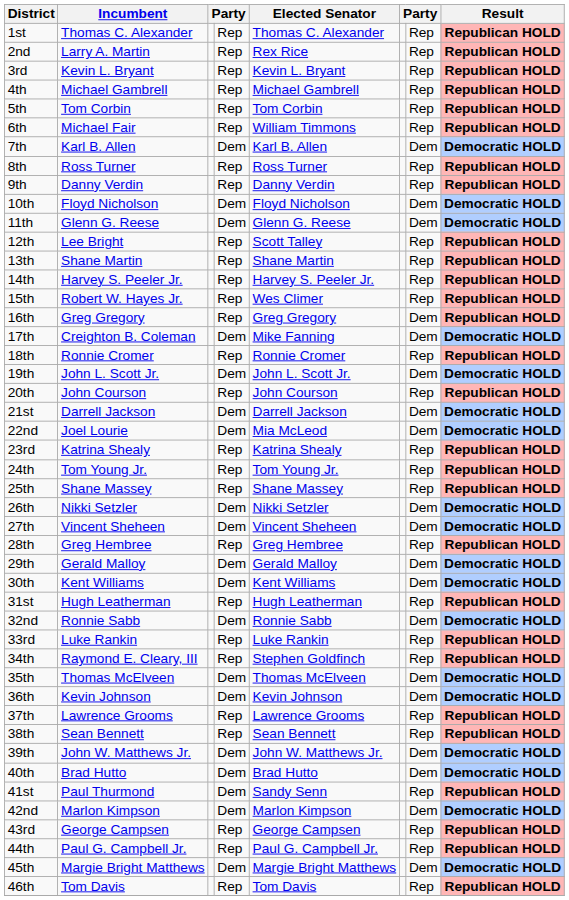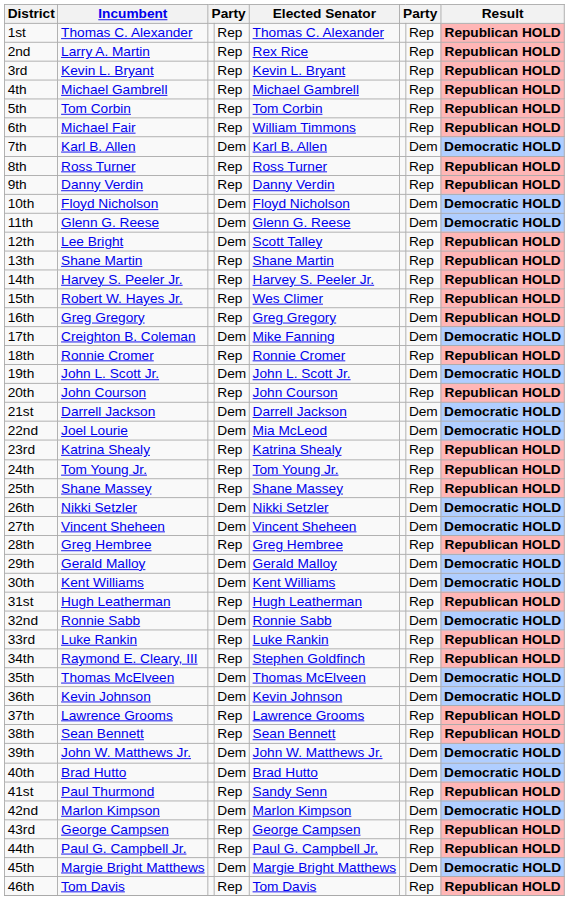 <table class="sortable wikitable" style="font-size:95%;line-height:14px;">
 <tr>
 <th class="unsortable">District</th>
 <th class="unsortable"><a href='#'>Incumbent</a></th>
 <th colspan="2">Party</th>
 <th class="unsortable">Elected Senator</th>
 <th colspan="2">Party</th>
 <th class="unsortable">Result</th>
 </tr>
 <tr>
 <td>1st</td>
 <td><a href='#'>Thomas C. Alexander</a></td>
 <td style="background:"></td>
 <td>Rep</td>
 <td><a href='#'>Thomas C. Alexander</a></td>
 <td style="background:"></td>
 <td>Rep</td>
 <td style="text-align:center; background:#FFB6B6"><strong>Republican HOLD</strong></td>
 </tr>
 <tr>
 <td>2nd</td>
 <td><a href='#'>Larry A. Martin</a></td>
 <td style="background:"></td>
 <td>Rep</td>
 <td><a href='#'>Rex Rice</a></td>
 <td style="background:"></td>
 <td>Rep</td>
 <td style="text-align:center; background:#FFB6B6"><strong>Republican HOLD</strong></td>
 </tr>
 <tr>
 <td>3rd</td>
 <td><a href='#'>Kevin L. Bryant</a></td>
 <td style="background:"></td>
 <td>Rep</td>
 <td><a href='#'>Kevin L. Bryant</a></td>
 <td style="background:"></td>
 <td>Rep</td>
 <td style="text-align:center; background:#FFB6B6"><strong>Republican HOLD</strong></td>
 </tr>
 <tr>
 <td>4th</td>
 <td><a href='#'>Michael Gambrell</a></td>
 <td style="background:"></td>
 <td>Rep</td>
 <td><a href='#'>Michael Gambrell</a></td>
 <td style="background:"></td>
 <td>Rep</td>
 <td style="text-align:center; background:#FFB6B6"><strong>Republican HOLD</strong></td>
 </tr>
 <tr>
 <td>5th</td>
 <td><a href='#'>Tom Corbin</a></td>
 <td style="background:"></td>
 <td>Rep</td>
 <td><a href='#'>Tom Corbin</a></td>
 <td style="background:"></td>
 <td>Rep</td>
 <td style="text-align:center; background:#FFB6B6"><strong>Republican HOLD</strong></td>
 </tr>
 <tr>
 <td>6th</td>
 <td><a href='#'>Michael Fair</a></td>
 <td style="background:"></td>
 <td>Rep</td>
 <td><a href='#'>William Timmons</a></td>
 <td style="background:"></td>
 <td>Rep</td>
 <td style="text-align:center; background:#FFB6B6"><strong>Republican HOLD</strong></td>
 </tr>
 <tr>
 <td>7th</td>
 <td><a href='#'>Karl B. Allen</a></td>
 <td style="background:"></td>
 <td>Dem</td>
 <td><a href='#'>Karl B. Allen</a></td>
 <td style="background:"></td>
 <td>Dem</td>
 <td style="text-align:center; background:#B0CEFF"><strong>Democratic HOLD</strong></td>
 </tr>
 <tr>
 <td>8th</td>
 <td><a href='#'>Ross Turner</a></td>
 <td style="background:"></td>
 <td>Rep</td>
 <td><a href='#'>Ross Turner</a></td>
 <td style="background:"></td>
 <td>Rep</td>
 <td style="text-align:center; background:#FFB6B6"><strong>Republican HOLD</strong></td>
 </tr>
 <tr>
 <td>9th</td>
 <td><a href='#'>Danny Verdin</a></td>
 <td style="background:"></td>
 <td>Rep</td>
 <td><a href='#'>Danny Verdin</a></td>
 <td style="background:"></td>
 <td>Rep</td>
 <td style="text-align:center; background:#FFB6B6"><strong>Republican HOLD</strong></td>
 </tr>
 <tr>
 <td>10th</td>
 <td><a href='#'>Floyd Nicholson</a></td>
 <td style="background:"></td>
 <td>Dem</td>
 <td><a href='#'>Floyd Nicholson</a></td>
 <td style="background:"></td>
 <td>Dem</td>
 <td style="text-align:center; background:#B0CEFF"><strong>Democratic HOLD</strong></td>
 </tr>
 <tr>
 <td>11th</td>
 <td><a href='#'>Glenn G. Reese</a></td>
 <td style="background:"></td>
 <td>Dem</td>
 <td><a href='#'>Glenn G. Reese</a></td>
 <td style="background:"></td>
 <td>Dem</td>
 <td style="text-align:center; background:#B0CEFF"><strong>Democratic HOLD</strong></td>
 </tr>
 <tr>
 <td>12th</td>
 <td><a href='#'>Lee Bright</a></td>
 <td style="background:"></td>
-<td>Rep</td>
+<td>Dem</td>
 <td><a href='#'>Scott Talley</a></td>
 <td style="background:"></td>
 <td>Rep</td>
 <td style="text-align:center; background:#FFB6B6"><strong>Republican HOLD</strong></td>
 </tr>
 <tr>
 <td>13th</td>
 <td><a href='#'>Shane Martin</a></td>
 <td style="background:"></td>
 <td>Rep</td>
 <td><a href='#'>Shane Martin</a></td>
 <td style="background:"></td>
 <td>Rep</td>
 <td style="text-align:center; background:#FFB6B6"><strong>Republican HOLD</strong></td>
 </tr>
 <tr>
 <td>14th</td>
 <td><a href='#'>Harvey S. Peeler Jr.</a></td>
 <td style="background:"></td>
 <td>Rep</td>
 <td><a href='#'>Harvey S. Peeler Jr.</a></td>
 <td style="background:"></td>
 <td>Rep</td>
 <td style="text-align:center; background:#FFB6B6"><strong>Republican HOLD</strong></td>
 </tr>
 <tr>
 <td>15th</td>
 <td><a href='#'>Robert W. Hayes Jr.</a></td>
 <td style="background:"></td>
 <td>Rep</td>
 <td><a href='#'>Wes Climer</a></td>
 <td style="background:"></td>
 <td>Rep</td>
 <td style="text-align:center; background:#FFB6B6"><strong>Republican HOLD</strong></td>
 </tr>
 <tr>
 <td>16th</td>
 <td><a href='#'>Greg Gregory</a></td>
 <td style="background:"></td>
 <td>Rep</td>
 <td><a href='#'>Greg Gregory</a></td>
 <td style="background:"></td>
 <td>Dem</td>
 <td style="text-align:center; background:#FFB6B6"><strong>Republican HOLD</strong></td>
 </tr>
 <tr>
 <td>17th</td>
 <td><a href='#'>Creighton B. Coleman</a></td>
 <td style="background:"></td>
 <td>Dem</td>
 <td><a href='#'>Mike Fanning</a></td>
 <td style="background:"></td>
 <td>Dem</td>
 <td style="text-align:center; background:#B0CEFF"><strong>Democratic HOLD</strong></td>
 </tr>
 <tr>
 <td>18th</td>
 <td><a href='#'>Ronnie Cromer</a></td>
 <td style="background:"></td>
 <td>Rep</td>
 <td><a href='#'>Ronnie Cromer</a></td>
 <td style="background:"></td>
 <td>Rep</td>
 <td style="text-align:center; background:#FFB6B6"><strong>Republican HOLD</strong></td>
 </tr>
 <tr>
 <td>19th</td>
 <td><a href='#'>John L. Scott Jr.</a></td>
 <td style="background:"></td>
 <td>Dem</td>
 <td><a href='#'>John L. Scott Jr.</a></td>
 <td style="background:"></td>
 <td>Dem</td>
 <td style="text-align:center; background:#B0CEFF"><strong>Democratic HOLD</strong></td>
 </tr>
 <tr>
 <td>20th</td>
 <td><a href='#'>John Courson</a></td>
 <td style="background:"></td>
 <td>Rep</td>
 <td><a href='#'>John Courson</a></td>
 <td style="background:"></td>
 <td>Rep</td>
 <td style="text-align:center; background:#FFB6B6"><strong>Republican HOLD</strong></td>
 </tr>
 <tr>
 <td>21st</td>
 <td><a href='#'>Darrell Jackson</a></td>
 <td style="background:"></td>
 <td>Dem</td>
 <td><a href='#'>Darrell Jackson</a></td>
 <td style="background:"></td>
 <td>Dem</td>
 <td style="text-align:center; background:#B0CEFF"><strong>Democratic HOLD</strong></td>
 </tr>
 <tr>
 <td>22nd</td>
 <td><a href='#'>Joel Lourie</a></td>
 <td style="background:"></td>
 <td>Dem</td>
 <td><a href='#'>Mia McLeod</a></td>
 <td style="background:"></td>
 <td>Dem</td>
 <td style="text-align:center; background:#B0CEFF"><strong>Democratic HOLD</strong></td>
 </tr>
 <tr>
 <td>23rd</td>
 <td><a href='#'>Katrina Shealy</a></td>
 <td style="background:"></td>
 <td>Rep</td>
 <td><a href='#'>Katrina Shealy</a></td>
 <td style="background:"></td>
 <td>Rep</td>
 <td style="text-align:center; background:#FFB6B6"><strong>Republican HOLD</strong></td>
 </tr>
 <tr>
 <td>24th</td>
 <td><a href='#'>Tom Young Jr.</a></td>
 <td style="background:"></td>
 <td>Rep</td>
 <td><a href='#'>Tom Young Jr.</a></td>
 <td style="background:"></td>
 <td>Rep</td>
 <td style="text-align:center; background:#FFB6B6"><strong>Republican HOLD</strong></td>
 </tr>
 <tr>
 <td>25th</td>
 <td><a href='#'>Shane Massey</a></td>
 <td style="background:"></td>
 <td>Rep</td>
 <td><a href='#'>Shane Massey</a></td>
 <td style="background:"></td>
 <td>Rep</td>
 <td style="text-align:center; background:#FFB6B6"><strong>Republican HOLD</strong></td>
 </tr>
 <tr>
 <td>26th</td>
 <td><a href='#'>Nikki Setzler</a></td>
 <td style="background:"></td>
 <td>Dem</td>
 <td><a href='#'>Nikki Setzler</a></td>
 <td style="background:"></td>
 <td>Dem</td>
 <td style="text-align:center; background:#B0CEFF"><strong>Democratic HOLD</strong></td>
 </tr>
 <tr>
 <td>27th</td>
 <td><a href='#'>Vincent Sheheen</a></td>
 <td style="background:"></td>
 <td>Dem</td>
 <td><a href='#'>Vincent Sheheen</a></td>
 <td style="background:"></td>
 <td>Dem</td>
 <td style="text-align:center; background:#B0CEFF"><strong>Democratic HOLD</strong></td>
 </tr>
 <tr>
 <td>28th</td>
 <td><a href='#'>Greg Hembree</a></td>
 <td style="background:"></td>
 <td>Rep</td>
 <td><a href='#'>Greg Hembree</a></td>
 <td style="background:"></td>
 <td>Rep</td>
 <td style="text-align:center; background:#FFB6B6"><strong>Republican HOLD</strong></td>
 </tr>
 <tr>
 <td>29th</td>
 <td><a href='#'>Gerald Malloy</a></td>
 <td style="background:"></td>
 <td>Dem</td>
 <td><a href='#'>Gerald Malloy</a></td>
 <td style="background:"></td>
 <td>Dem</td>
 <td style="text-align:center; background:#B0CEFF"><strong>Democratic HOLD</strong></td>
 </tr>
 <tr>
 <td>30th</td>
 <td><a href='#'>Kent Williams</a></td>
 <td style="background:"></td>
 <td>Dem</td>
 <td><a href='#'>Kent Williams</a></td>
 <td style="background:"></td>
 <td>Dem</td>
 <td style="text-align:center; background:#B0CEFF"><strong>Democratic HOLD</strong></td>
 </tr>
 <tr>
 <td>31st</td>
 <td><a href='#'>Hugh Leatherman</a></td>
 <td style="background:"></td>
 <td>Rep</td>
 <td><a href='#'>Hugh Leatherman</a></td>
 <td style="background:"></td>
 <td>Rep</td>
 <td style="text-align:center; background:#FFB6B6"><strong>Republican HOLD</strong></td>
 </tr>
 <tr>
 <td>32nd</td>
 <td><a href='#'>Ronnie Sabb</a></td>
 <td style="background:"></td>
 <td>Dem</td>
 <td><a href='#'>Ronnie Sabb</a></td>
 <td style="background:"></td>
 <td>Dem</td>
 <td style="text-align:center; background:#B0CEFF"><strong>Democratic HOLD</strong></td>
 </tr>
 <tr>
 <td>33rd</td>
 <td><a href='#'>Luke Rankin</a></td>
 <td style="background:"></td>
 <td>Rep</td>
 <td><a href='#'>Luke Rankin</a></td>
 <td style="background:"></td>
 <td>Rep</td>
 <td style="text-align:center; background:#FFB6B6"><strong>Republican HOLD</strong></td>
 </tr>
 <tr>
 <td>34th</td>
 <td><a href='#'>Raymond E. Cleary, III</a></td>
 <td style="background:"></td>
 <td>Rep</td>
 <td><a href='#'>Stephen Goldfinch</a></td>
 <td style="background:"></td>
 <td>Rep</td>
 <td style="text-align:center; background:#FFB6B6"><strong>Republican HOLD</strong></td>
 </tr>
 <tr>
 <td>35th</td>
 <td><a href='#'>Thomas McElveen</a></td>
 <td style="background:"></td>
 <td>Dem</td>
 <td><a href='#'>Thomas McElveen</a></td>
 <td style="background:"></td>
 <td>Dem</td>
 <td style="text-align:center; background:#B0CEFF"><strong>Democratic HOLD</strong></td>
 </tr>
 <tr>
 <td>36th</td>
 <td><a href='#'>Kevin Johnson</a></td>
 <td style="background:"></td>
 <td>Dem</td>
 <td><a href='#'>Kevin Johnson</a></td>
 <td style="background:"></td>
 <td>Dem</td>
 <td style="text-align:center; background:#B0CEFF"><strong>Democratic HOLD</strong></td>
 </tr>
 <tr>
 <td>37th</td>
 <td><a href='#'>Lawrence Grooms</a></td>
 <td style="background:"></td>
 <td>Rep</td>
 <td><a href='#'>Lawrence Grooms</a></td>
 <td style="background:"></td>
 <td>Rep</td>
 <td style="text-align:center; background:#FFB6B6"><strong>Republican HOLD</strong></td>
 </tr>
 <tr>
 <td>38th</td>
 <td><a href='#'>Sean Bennett</a></td>
 <td style="background:"></td>
 <td>Rep</td>
 <td><a href='#'>Sean Bennett</a></td>
 <td style="background:"></td>
 <td>Rep</td>
 <td style="text-align:center; background:#FFB6B6"><strong>Republican HOLD</strong></td>
 </tr>
 <tr>
 <td>39th</td>
 <td><a href='#'>John W. Matthews Jr.</a></td>
 <td style="background:"></td>
 <td>Dem</td>
 <td><a href='#'>John W. Matthews Jr.</a></td>
 <td style="background:"></td>
 <td>Dem</td>
 <td style="text-align:center; background:#B0CEFF"><strong>Democratic HOLD</strong></td>
 </tr>
 <tr>
 <td>40th</td>
 <td><a href='#'>Brad Hutto</a></td>
 <td style="background:"></td>
 <td>Dem</td>
 <td><a href='#'>Brad Hutto</a></td>
 <td style="background:"></td>
 <td>Dem</td>
 <td style="text-align:center; background:#B0CEFF"><strong>Democratic HOLD</strong></td>
 </tr>
 <tr>
 <td>41st</td>
 <td><a href='#'>Paul Thurmond</a></td>
 <td style="background:"></td>
-<td>Dem</td>
+<td>Rep</td>
 <td><a href='#'>Sandy Senn</a></td>
 <td style="background:"></td>
 <td>Rep</td>
 <td style="text-align:center; background:#FFB6B6"><strong>Republican HOLD</strong></td>
 </tr>
 <tr>
 <td>42nd</td>
 <td><a href='#'>Marlon Kimpson</a></td>
 <td style="background:"></td>
 <td>Dem</td>
 <td><a href='#'>Marlon Kimpson</a></td>
 <td style="background:"></td>
 <td>Dem</td>
 <td style="text-align:center; background:#B0CEFF"><strong>Democratic HOLD</strong></td>
 </tr>
 <tr>
 <td>43rd</td>
 <td><a href='#'>George Campsen</a></td>
 <td style="background:"></td>
 <td>Rep</td>
 <td><a href='#'>George Campsen</a></td>
 <td style="background:"></td>
 <td>Rep</td>
 <td style="text-align:center; background:#FFB6B6"><strong>Republican HOLD</strong></td>
 </tr>
 <tr>
 <td>44th</td>
 <td><a href='#'>Paul G. Campbell Jr.</a></td>
 <td style="background:"></td>
 <td>Rep</td>
 <td><a href='#'>Paul G. Campbell Jr.</a></td>
 <td style="background:"></td>
 <td>Rep</td>
 <td style="text-align:center; background:#FFB6B6"><strong>Republican HOLD</strong></td>
 </tr>
 <tr>
 <td>45th</td>
 <td><a href='#'>Margie Bright Matthews</a></td>
 <td style="background:"></td>
 <td>Dem</td>
 <td><a href='#'>Margie Bright Matthews</a></td>
 <td style="background:"></td>
 <td>Dem</td>
 <td style="text-align:center; background:#B0CEFF"><strong>Democratic HOLD</strong></td>
 </tr>
 <tr>
 <td>46th</td>
 <td><a href='#'>Tom Davis</a></td>
 <td style="background:"></td>
 <td>Rep</td>
 <td><a href='#'>Tom Davis</a></td>
 <td style="background:"></td>
 <td>Rep</td>
 <td style="text-align:center; background:#FFB6B6"><strong>Republican HOLD</strong></td>
 </tr>
 <tr>
 </tr>
 </table>
